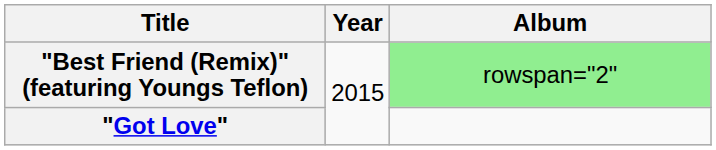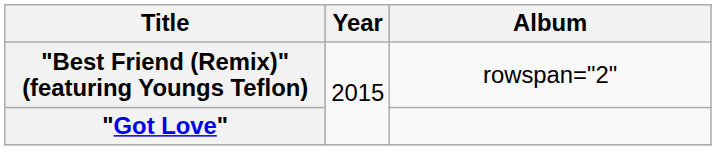 <table class="wikitable plainrowheaders" style="text-align:center;">
 <tr>
 <th scope="col" style="width:13em;">Title</th>
 <th scope="col" style="width:1em;">Year</th>
 <th scope="col" style="width:13em;">Album</th>
 </tr>
 <tr>
 <th scope="row">"Best Friend (Remix)"<br><span>(featuring Youngs Teflon)</span></th>
 <td rowspan="2">2015</td>
-<td style="background: lightgreen;">rowspan="2" </td>
+<td>rowspan="2" </td>
 </tr>
 <tr>
 <th scope="row">"<a href='#'>Got Love</a>"</th>
 </tr>
 </table>
